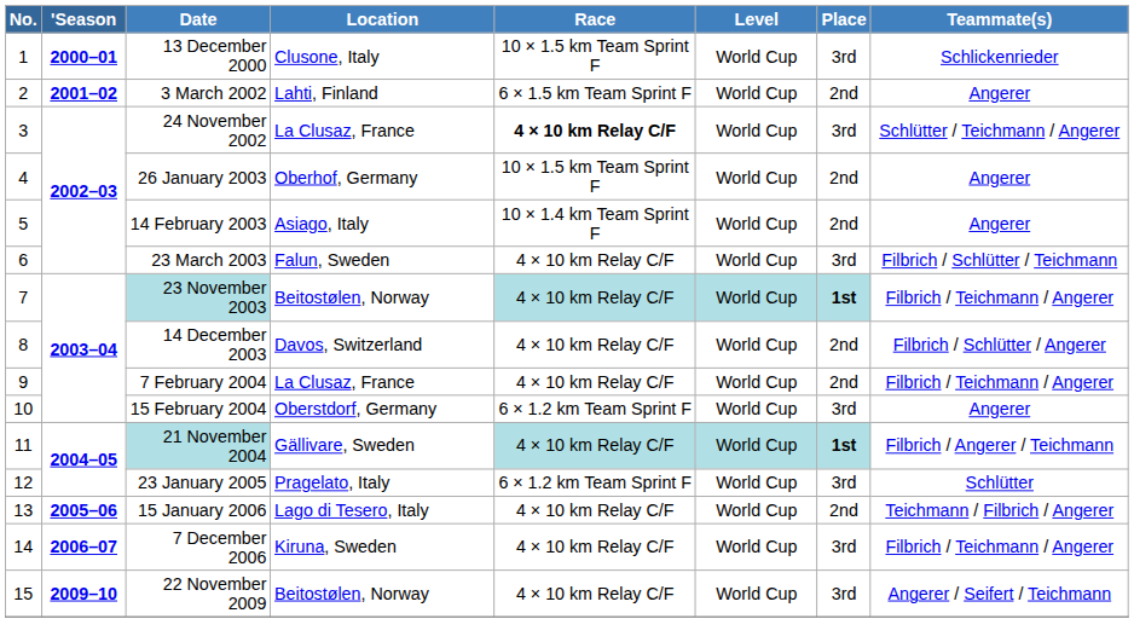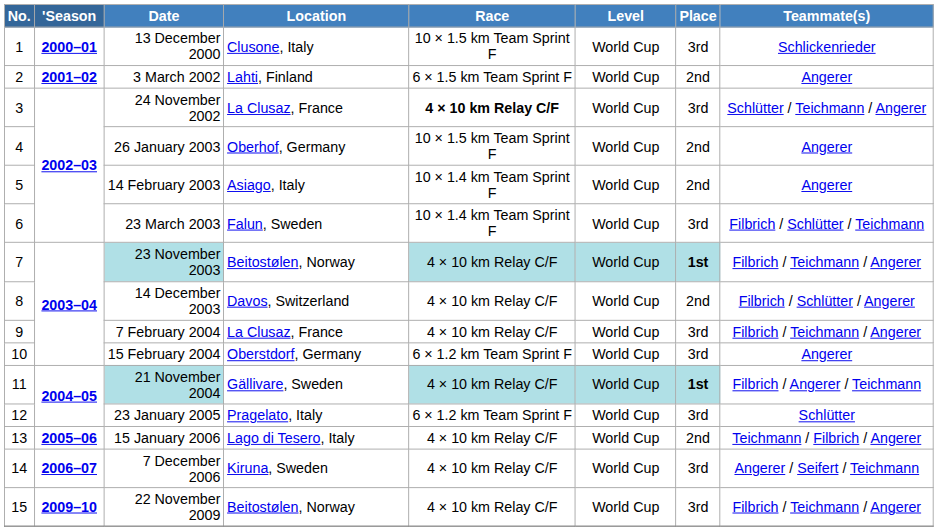 <table class="wikitable sortable" style="font-size:95%; text-align:center; border:grey solid 1px; border-collapse:collapse; background:#ffffff;">
 <tr style="background:#efefef;">
 <th style="background-color:#369; color:white;">No.</th>
 <th style="background-color:#369; color:white;">'Season</th>
 <th style="background-color:#4180be; color:white; width:120px;">Date</th>
 <th style="background-color:#4180be; color:white; width:190px;">Location</th>
 <th style="background-color:#4180be; color:white; width:170px;">Race</th>
 <th style="background-color:#4180be; color:white; width:100px;">Level</th>
 <th style="background-color:#4180be; color:white;">Place</th>
 <th style="background-color:#4180be; color:white;">Teammate(s)</th>
 </tr>
 <tr>
 <td align=center>1</td>
 <td rowspan=1 align=center><strong> <a href='#'>2000–01</a> </strong></td>
 <td align=right>13 December 2000</td>
 <td align=left> <a href='#'>Clusone</a>, Italy</td>
 <td>10 × 1.5 km Team Sprint F</td>
 <td>World Cup</td>
 <td>3rd</td>
 <td><a href='#'>Schlickenrieder</a></td>
 </tr>
 <tr>
 <td align=center>2</td>
 <td rowspan=1 align=center><strong> <a href='#'>2001–02</a> </strong></td>
 <td align=right>3 March 2002</td>
 <td align=left> <a href='#'>Lahti</a>, Finland</td>
 <td>6 × 1.5 km Team Sprint F</td>
 <td>World Cup</td>
 <td>2nd</td>
 <td><a href='#'>Angerer</a></td>
 </tr>
 <tr>
 <td align=center>3</td>
 <td rowspan=4 align=center><strong> <a href='#'>2002–03</a> </strong></td>
 <td align=right>24 November 2002</td>
 <td align=left> <a href='#'>La Clusaz</a>, France</td>
 <td><strong>4 × 10 km Relay C/F</strong></td>
 <td>World Cup</td>
 <td>3rd</td>
 <td> <a href='#'>Schlütter</a> / <a href='#'>Teichmann</a> / <a href='#'>Angerer</a> </td>
 </tr>
 <tr>
 <td align=center>4</td>
 <td align=right>26 January 2003</td>
 <td align=left> <a href='#'>Oberhof</a>, Germany</td>
 <td>10 × 1.5 km Team Sprint F</td>
 <td>World Cup</td>
 <td>2nd</td>
 <td><a href='#'>Angerer</a></td>
 </tr>
 <tr>
 <td align=center>5</td>
 <td align=right>14 February 2003</td>
 <td align=left> <a href='#'>Asiago</a>, Italy</td>
 <td>10 × 1.4 km Team Sprint F</td>
 <td>World Cup</td>
 <td>2nd</td>
 <td><a href='#'>Angerer</a></td>
 </tr>
 <tr>
 <td align=center>6</td>
 <td align=right>23 March 2003</td>
 <td align=left> <a href='#'>Falun</a>, Sweden</td>
-<td>4 × 10 km Relay C/F</td>
+<td>10 × 1.4 km Team Sprint F</td>
 <td>World Cup</td>
 <td>3rd</td>
 <td><a href='#'>Filbrich</a> / <a href='#'>Schlütter</a> / <a href='#'>Teichmann</a></td>
 </tr>
 <tr>
 <td align=center>7</td>
 <td rowspan=4 align=center><strong><a href='#'>2003–04</a></strong></td>
 <td bgcolor="#BOEOE6" align=right>23 November 2003</td>
 <td align=left> <a href='#'>Beitostølen</a>, Norway</td>
 <td bgcolor="#BOEOE6">4 × 10 km Relay C/F</td>
 <td bgcolor="#BOEOE6">World Cup</td>
 <td bgcolor="#BOEOE6"><strong>1st</strong></td>
 <td><a href='#'>Filbrich</a> / <a href='#'>Teichmann</a> / <a href='#'>Angerer</a></td>
 </tr>
 <tr>
 <td align=center>8</td>
 <td align=right>14 December 2003</td>
 <td align=left> <a href='#'>Davos</a>, Switzerland</td>
 <td>4 × 10 km Relay C/F</td>
 <td>World Cup</td>
 <td>2nd</td>
 <td><a href='#'>Filbrich</a> / <a href='#'>Schlütter</a> / <a href='#'>Angerer</a></td>
 </tr>
 <tr>
 <td align=center>9</td>
 <td align=right>7 February 2004</td>
 <td align=left> <a href='#'>La Clusaz</a>, France</td>
 <td>4 × 10 km Relay C/F</td>
 <td>World Cup</td>
-<td>2nd</td>
+<td>3rd</td>
 <td><a href='#'>Filbrich</a> / <a href='#'>Teichmann</a> / <a href='#'>Angerer</a></td>
 </tr>
 <tr>
 <td align=center>10</td>
 <td align=right>15 February 2004</td>
 <td align=left> <a href='#'>Oberstdorf</a>, Germany</td>
 <td>6 × 1.2 km Team Sprint F</td>
 <td>World Cup</td>
 <td>3rd</td>
 <td><a href='#'>Angerer</a></td>
 </tr>
 <tr>
 <td align=center>11</td>
 <td rowspan=2 align=center><strong><a href='#'>2004–05</a></strong></td>
 <td bgcolor="#BOEOE6" align=right>21 November 2004</td>
 <td align=left> <a href='#'>Gällivare</a>, Sweden</td>
 <td bgcolor="#BOEOE6">4 × 10 km Relay C/F</td>
 <td bgcolor="#BOEOE6">World Cup</td>
 <td bgcolor="#BOEOE6"><strong>1st</strong></td>
 <td><a href='#'>Filbrich</a> / <a href='#'>Angerer</a> / <a href='#'>Teichmann</a></td>
 </tr>
 <tr>
 <td align=center>12</td>
 <td align=right>23 January 2005</td>
 <td align=left> <a href='#'>Pragelato</a>, Italy</td>
 <td>6 × 1.2 km Team Sprint F</td>
 <td>World Cup</td>
 <td>3rd</td>
 <td><a href='#'>Schlütter</a></td>
 </tr>
 <tr>
 <td align=center>13</td>
 <td rowspan=1 align=center><strong> <a href='#'>2005–06</a> </strong></td>
 <td align=right>15 January 2006</td>
 <td align=left> <a href='#'>Lago di Tesero</a>, Italy</td>
 <td>4 × 10 km Relay C/F</td>
 <td>World Cup</td>
 <td>2nd</td>
 <td><a href='#'>Teichmann</a> / <a href='#'>Filbrich</a> / <a href='#'>Angerer</a></td>
 </tr>
 <tr>
 <td align=center>14</td>
 <td rowspan=1 align=center><strong> <a href='#'>2006–07</a> </strong></td>
 <td align=right>7 December 2006</td>
 <td align=left> <a href='#'>Kiruna</a>, Sweden</td>
 <td>4 × 10 km Relay C/F</td>
 <td>World Cup</td>
 <td>3rd</td>
-<td><a href='#'>Filbrich</a> / <a href='#'>Teichmann</a> / <a href='#'>Angerer</a></td>
+<td><a href='#'>Angerer</a> / <a href='#'>Seifert</a> / <a href='#'>Teichmann</a></td>
 </tr>
 <tr>
 <td align=center>15</td>
 <td rowspan=1 align=center><strong> <a href='#'>2009–10</a> </strong></td>
 <td align=right>22 November 2009</td>
 <td align=left> <a href='#'>Beitostølen</a>, Norway</td>
 <td>4 × 10 km Relay C/F</td>
 <td>World Cup</td>
 <td>3rd</td>
-<td><a href='#'>Angerer</a> / <a href='#'>Seifert</a> / <a href='#'>Teichmann</a></td>
+<td><a href='#'>Filbrich</a> / <a href='#'>Teichmann</a> / <a href='#'>Angerer</a></td>
 </tr>
 <tr>
 </tr>
 </table>
